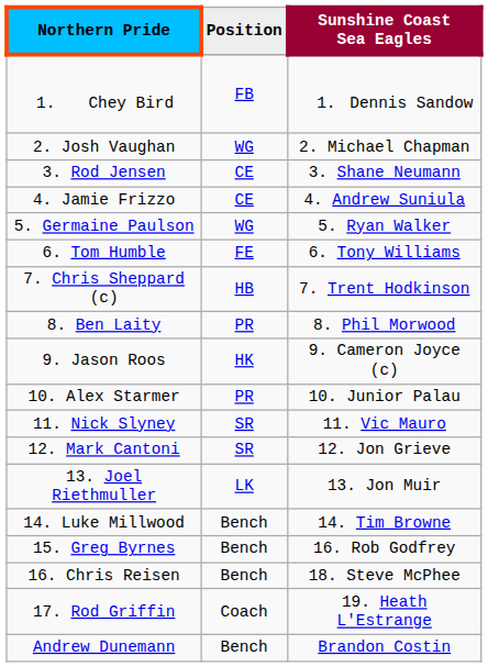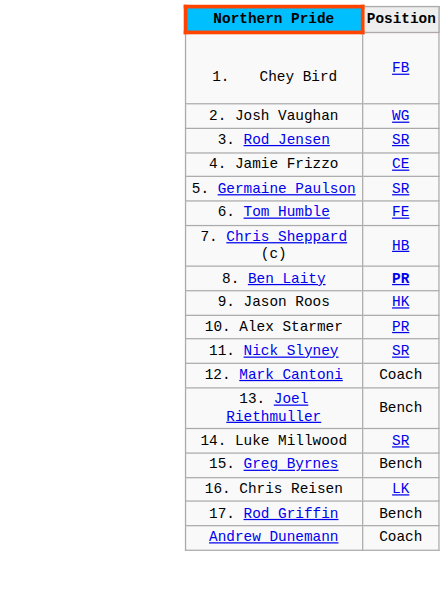 <table class="wikitable" style="float:right; font-size:90%; text-align:center; margin-left:1em;">
 <tr style="background:#f03;">
 <th align="centre" width="136" style="border: 3px solid #FF4500; background: #00BFFF; color: black">Northern Pride</th>
 <th align="center" style="background: #eeeeee; color: black">Position</th>
-<th align="centre" width="136" style="border: 3px solid #990033; background: #990033; color: white">Sunshine Coast<br>Sea Eagles</th>
 </tr>
 <tr>
 <td><br><ol><li>Chey Bird</li></ol></td>
 <td><a href='#'>FB</a></td>
-<td><br><ol><li>Dennis Sandow</li></ol></td>
 </tr>
 <tr>
 <td>2. Josh Vaughan</td>
 <td><a href='#'>WG</a></td>
-<td>2. Michael Chapman</td>
 </tr>
 <tr>
 <td>3. <a href='#'>Rod Jensen</a></td>
-<td><a href='#'>CE</a></td>
-<td>3. <a href='#'>Shane Neumann</a></td>
+<td><a href='#'>SR</a></td>
 </tr>
 <tr>
 <td>4. Jamie Frizzo</td>
 <td><a href='#'>CE</a></td>
-<td>4. <a href='#'>Andrew Suniula</a></td>
 </tr>
 <tr>
 <td>5. <a href='#'>Germaine Paulson</a></td>
-<td><a href='#'>WG</a></td>
-<td>5. <a href='#'>Ryan Walker</a></td>
+<td><a href='#'>SR</a></td>
 </tr>
 <tr>
 <td>6. <a href='#'>Tom Humble</a></td>
 <td><a href='#'>FE</a></td>
-<td>6. <a href='#'>Tony Williams</a></td>
 </tr>
 <tr>
 <td>7. <a href='#'>Chris Sheppard</a> (c)</td>
 <td><a href='#'>HB</a></td>
-<td>7. <a href='#'>Trent Hodkinson</a></td>
 </tr>
 <tr>
 <td>8. <a href='#'>Ben Laity</a></td>
-<td><a href='#'>PR</a></td>
-<td>8. <a href='#'>Phil Morwood</a></td>
+<td><strong><a href='#'>PR</a></strong></td>
 </tr>
 <tr>
 <td>9. Jason Roos</td>
 <td><a href='#'>HK</a></td>
-<td>9. Cameron Joyce (c)</td>
 </tr>
 <tr>
 <td>10. Alex Starmer</td>
 <td><a href='#'>PR</a></td>
-<td>10. Junior Palau</td>
 </tr>
 <tr>
 <td>11. <a href='#'>Nick Slyney</a></td>
 <td><a href='#'>SR</a></td>
-<td>11. <a href='#'>Vic Mauro</a></td>
 </tr>
 <tr>
 <td>12. <a href='#'>Mark Cantoni</a></td>
-<td><a href='#'>SR</a></td>
-<td>12. Jon Grieve</td>
+<td>Coach</td>
 </tr>
 <tr>
 <td>13. <a href='#'>Joel Riethmuller</a></td>
-<td><a href='#'>LK</a></td>
-<td>13. Jon Muir</td>
+<td>Bench</td>
 </tr>
 <tr>
 <td>14. Luke Millwood</td>
-<td>Bench</td>
-<td>14. <a href='#'>Tim Browne</a></td>
+<td><a href='#'>SR</a></td>
 </tr>
 <tr>
 <td>15. <a href='#'>Greg Byrnes</a></td>
 <td>Bench</td>
-<td>16. Rob Godfrey</td>
 </tr>
 <tr>
 <td>16. Chris Reisen</td>
-<td>Bench</td>
-<td>18. Steve McPhee</td>
+<td><a href='#'>LK</a></td>
 </tr>
 <tr>
 <td>17. <a href='#'>Rod Griffin</a></td>
-<td>Coach</td>
-<td>19. <a href='#'>Heath L'Estrange</a></td>
+<td>Bench</td>
 </tr>
 <tr>
 <td><a href='#'>Andrew Dunemann</a></td>
-<td>Bench</td>
-<td><a href='#'>Brandon Costin</a></td>
+<td>Coach</td>
 </tr>
 </table>
